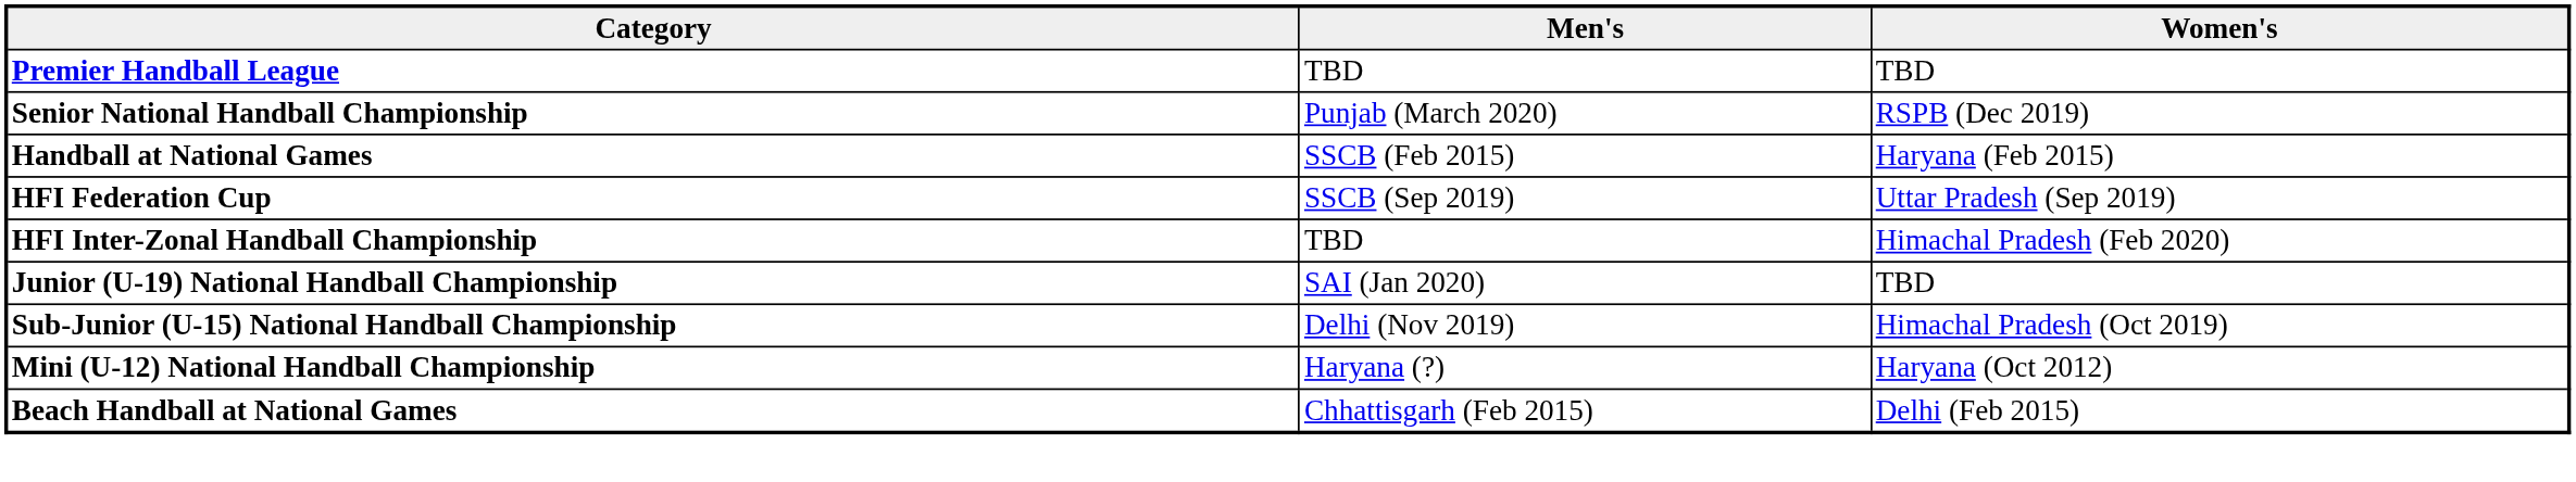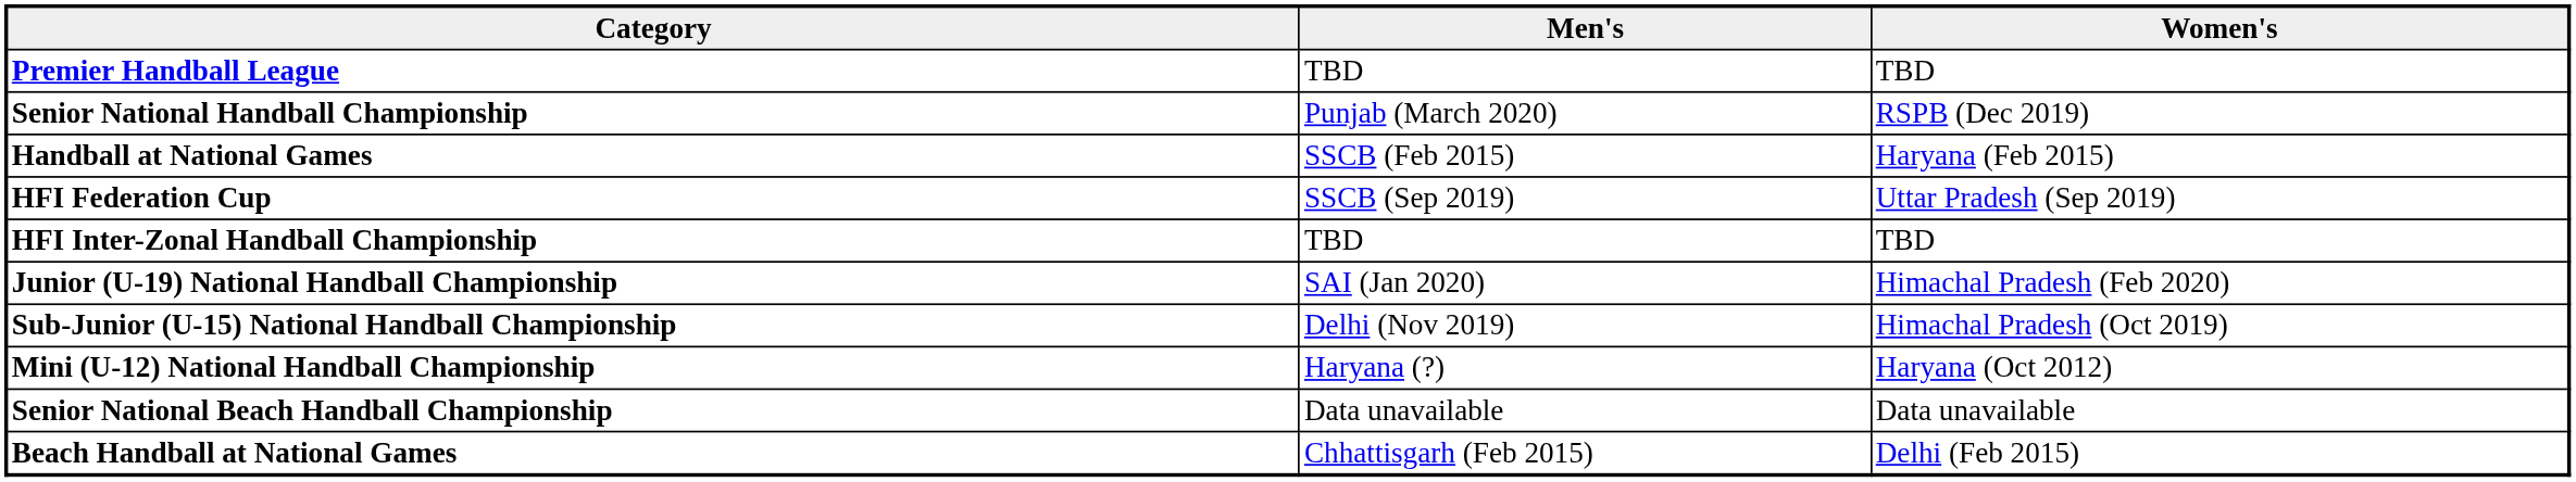 <table class="sortable" style="border-collapse: collapse; border: 2px #000000 solid; font-size: x-big; font-family: verdana" width="70%" cellspacing="0" cellpadding="2" border="1">
 <tr bgcolor="efefef" align="center">
 <th>Category</th>
 <th>Men's</th>
 <th>Women's</th>
 </tr>
 <tr>
 <td><strong><a href='#'>Premier Handball League</a></strong></td>
 <td>TBD</td>
 <td>TBD</td>
 </tr>
 <tr>
 <td><strong>Senior National Handball Championship</strong></td>
 <td><a href='#'>Punjab</a> (March 2020)</td>
 <td><a href='#'>RSPB</a> (Dec 2019)</td>
 </tr>
 <tr>
 <td><strong>Handball at National Games</strong></td>
 <td><a href='#'>SSCB</a> (Feb 2015)</td>
 <td><a href='#'>Haryana</a> (Feb 2015)</td>
 </tr>
 <tr>
 <td><strong>HFI Federation Cup</strong></td>
 <td><a href='#'>SSCB</a> (Sep 2019)</td>
 <td><a href='#'>Uttar Pradesh</a> (Sep 2019)</td>
 </tr>
 <tr>
 <td><strong>HFI Inter-Zonal Handball Championship</strong></td>
 <td>TBD</td>
-<td><a href='#'>Himachal Pradesh</a> (Feb 2020)</td>
+<td>TBD</td>
 </tr>
 <tr>
 <td><strong>Junior (U-19) National Handball Championship</strong></td>
 <td><a href='#'>SAI</a> (Jan 2020)</td>
-<td>TBD</td>
+<td><a href='#'>Himachal Pradesh</a> (Feb 2020)</td>
 </tr>
 <tr>
 <td><strong>Sub-Junior (U-15) National Handball Championship</strong></td>
 <td><a href='#'>Delhi</a> (Nov 2019)</td>
 <td><a href='#'>Himachal Pradesh</a> (Oct 2019)</td>
 </tr>
 <tr>
 <td><strong>Mini (U-12) National Handball Championship</strong></td>
 <td><a href='#'>Haryana</a> (?)</td>
 <td><a href='#'>Haryana</a> (Oct 2012)</td>
 </tr>
 <tr>
+<td><strong>Senior National Beach Handball Championship</strong></td>
+<td>Data unavailable</td>
+<td>Data unavailable</td>
+</tr>
+<tr>
 <td><strong>Beach Handball at National Games</strong></td>
 <td><a href='#'>Chhattisgarh</a> (Feb 2015)</td>
 <td><a href='#'>Delhi</a> (Feb 2015)</td>
 </tr>
 </table>
